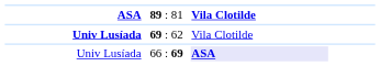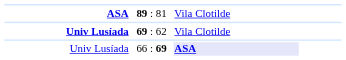 <table style="text-align:center" width=500>
 <tr>
 <th width=30%></th>
 <th width=10%></th>
 <th width=30%></th>
 <th width=10%></th>
 </tr>
 <tr align="left" bgcolor=#D0E7FF>
 <td colspan=4></td>
 </tr>
 <tr>
 <td align="right"><strong><a href='#'>ASA</a></strong></td>
 <td><strong>89</strong> : 81</td>
-<td align=left><strong><a href='#'>Vila Clotilde</a></strong></td>
+<td align=left><a href='#'>Vila Clotilde</a></td>
 </tr>
 <tr align="left" bgcolor=#D0E7FF>
 <td colspan=4></td>
 </tr>
 <tr>
 <td align="right"><strong><a href='#'>Univ Lusíada</a></strong></td>
 <td><strong>69</strong> : 62</td>
 <td align=left><a href='#'>Vila Clotilde</a></td>
 </tr>
 <tr align="left" bgcolor=#D0E7FF>
 <td colspan=4></td>
 </tr>
 <tr>
 <td align="right"><a href='#'>Univ Lusíada</a></td>
 <td>66 : <strong>69</strong></td>
 <td align=left style="background: lavender;"><strong><a href='#'>ASA</a></strong></td>
 </tr>
 </table>
